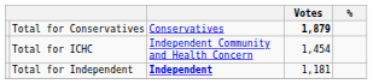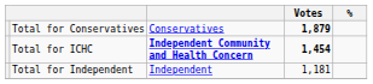 <table class="wikitable">
 <tr>
 <th valign=top colspan="2" style="width: 180px"></th>
 <th valign=top style="width: 180px"></th>
 <th valign=top style="width: 60px">Votes</th>
 <th valign=top style="width: 40px">%</th>
 </tr>
 <tr>
 <th style="background-color: "></th>
 <td>Total for Conservatives</td>
 <td><a href='#'>Conservatives</a></td>
 <td align="right"><strong>1,879</strong></td>
 <td align="right"></td>
 </tr>
 <tr>
 <th style="background-color: "></th>
 <td>Total for ICHC</td>
-<td><a href='#'>Independent Community and Health Concern</a></td>
-<td align="right">1,454</td>
+<td><strong><a href='#'>Independent Community and Health Concern</a></strong></td>
+<td align="right"><strong>1,454</strong></td>
 <td align="right"></td>
 </tr>
 <tr>
 <th style="background-color: "></th>
 <td>Total for Independent</td>
-<td><strong><a href='#'>Independent</a></strong></td>
+<td><a href='#'>Independent</a></td>
 <td align="right">1,181</td>
 <td align="right"></td>
 </tr>
 <tr>
 </tr>
 </table>
